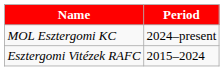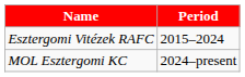 <table class="wikitable" style="text-align: left">
 <tr>
 <th style="color:#FFFFFF; background:#FF0000">Name</th>
 <th style="color:#FFFFFF; background:#FF0000">Period</th>
 </tr>
 <tr>
+<td align=left><em>Esztergomi Vitézek RAFC</em></td>
+<td>2015–2024</td>
+</tr>
+<tr>
 <td align=left><em>MOL Esztergomi KC</em></td>
 <td>2024–present</td>
 </tr>
-<tr>
-<td align=left><em>Esztergomi Vitézek RAFC</em></td>
-<td>2015–2024</td>
-</tr>
 </table>
